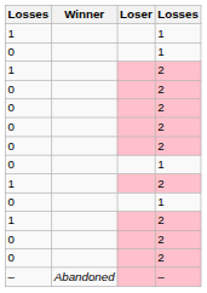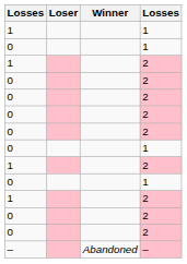 <table class=wikitable>
 <tr>
 <th>Losses</th>
+<th>Loser</th>
 <th>Winner</th>
-<th>Loser</th>
 <th>Losses</th>
 </tr>
 <tr>
 <td>1</td>
 <td></td>
 <td></td>
 <td>1</td>
 </tr>
 <tr>
 <td>0</td>
 <td></td>
 <td></td>
 <td>1</td>
 </tr>
 <tr>
 <td>1</td>
+<td bgcolor=pink></td>
 <td></td>
-<td bgcolor=pink></td>
 <td bgcolor=pink>2</td>
 </tr>
 <tr>
 <td>0</td>
+<td bgcolor=pink></td>
 <td></td>
-<td bgcolor=pink></td>
 <td bgcolor=pink>2</td>
 </tr>
 <tr>
 <td>0</td>
+<td bgcolor=pink></td>
 <td></td>
-<td bgcolor=pink></td>
 <td bgcolor=pink>2</td>
 </tr>
 <tr>
 <td>0</td>
+<td bgcolor=pink></td>
 <td></td>
-<td bgcolor=pink></td>
 <td bgcolor=pink>2</td>
 </tr>
 <tr>
 <td>0</td>
+<td bgcolor=pink></td>
 <td></td>
-<td bgcolor=pink></td>
 <td bgcolor=pink>2</td>
 </tr>
 <tr>
 <td>0</td>
 <td></td>
 <td></td>
 <td>1</td>
 </tr>
 <tr>
 <td>1</td>
+<td bgcolor=pink></td>
 <td></td>
-<td bgcolor=pink></td>
 <td bgcolor=pink>2</td>
 </tr>
 <tr>
 <td>0</td>
 <td></td>
 <td></td>
 <td>1</td>
 </tr>
 <tr>
 <td>1</td>
+<td bgcolor=pink></td>
 <td></td>
-<td bgcolor=pink></td>
 <td bgcolor=pink>2</td>
 </tr>
 <tr>
 <td>0</td>
+<td bgcolor=pink></td>
 <td></td>
-<td bgcolor=pink></td>
 <td bgcolor=pink>2</td>
 </tr>
 <tr>
 <td>0</td>
+<td bgcolor=pink></td>
 <td></td>
-<td bgcolor=pink></td>
 <td bgcolor=pink>2</td>
 </tr>
 <tr>
 <td>–</td>
+<td bgcolor=pink></td>
 <td><em>Abandoned</em></td>
-<td bgcolor=pink></td>
 <td bgcolor=pink>–</td>
 </tr>
 </table>
